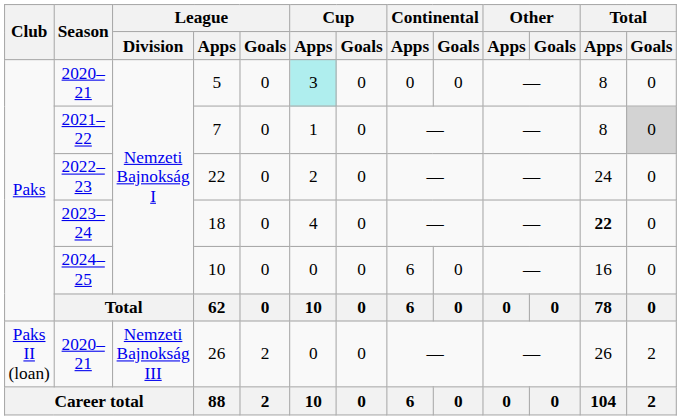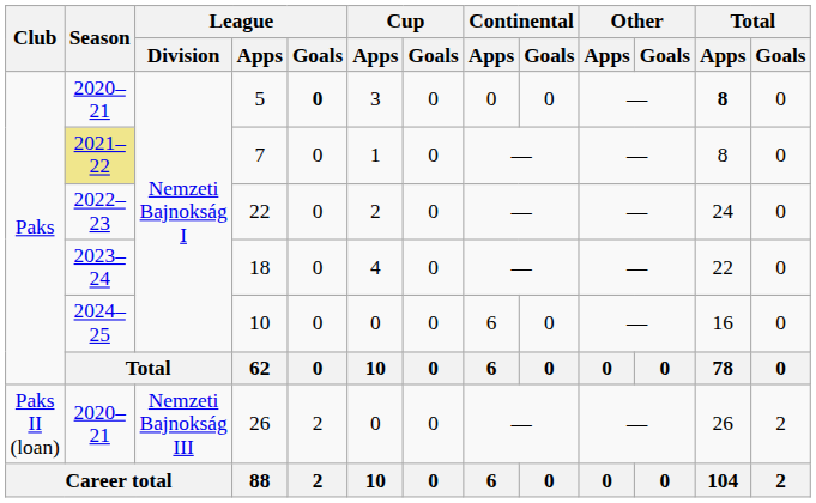 <table class="wikitable" style="text-align:center">
 <tr>
 <th rowspan="2">Club</th>
 <th rowspan="2">Season</th>
 <th colspan="3">League</th>
 <th colspan="2">Cup</th>
 <th colspan="2">Continental</th>
 <th colspan="2">Other</th>
 <th colspan="2">Total</th>
 </tr>
 <tr>
 <th>Division</th>
 <th>Apps</th>
 <th>Goals</th>
 <th>Apps</th>
 <th>Goals</th>
 <th>Apps</th>
 <th>Goals</th>
 <th>Apps</th>
 <th>Goals</th>
 <th>Apps</th>
 <th>Goals</th>
 </tr>
 <tr>
 <td rowspan="6"><a href='#'>Paks</a></td>
 <td><a href='#'>2020–21</a></td>
 <td rowspan="5"><a href='#'>Nemzeti Bajnokság I</a></td>
 <td>5</td>
-<td>0</td>
-<td style="background: paleturquoise;">3</td>
+<td><strong>0</strong></td>
+<td>3</td>
 <td>0</td>
 <td>0</td>
 <td>0</td>
 <td colspan="2">—</td>
-<td>8</td>
+<td><strong>8</strong></td>
 <td>0</td>
 </tr>
 <tr>
-<td><a href='#'>2021–22</a></td>
+<td style="background: khaki;"><a href='#'>2021–22</a></td>
 <td>7</td>
 <td>0</td>
 <td>1</td>
 <td>0</td>
 <td colspan="2">—</td>
 <td colspan="2">—</td>
 <td>8</td>
-<td style="background: lightgrey;">0</td>
+<td>0</td>
 </tr>
 <tr>
 <td><a href='#'>2022–23</a></td>
 <td>22</td>
 <td>0</td>
 <td>2</td>
 <td>0</td>
 <td colspan="2">—</td>
 <td colspan="2">—</td>
 <td>24</td>
 <td>0</td>
 </tr>
 <tr>
 <td><a href='#'>2023–24</a></td>
 <td>18</td>
 <td>0</td>
 <td>4</td>
 <td>0</td>
 <td colspan="2">—</td>
 <td colspan="2">—</td>
-<td><strong>22</strong></td>
+<td>22</td>
 <td>0</td>
 </tr>
 <tr>
 <td><a href='#'>2024–25</a></td>
 <td>10</td>
 <td>0</td>
 <td>0</td>
 <td>0</td>
 <td>6</td>
 <td>0</td>
 <td colspan="2">—</td>
 <td>16</td>
 <td>0</td>
 </tr>
 <tr>
 <th colspan="2">Total</th>
 <th>62</th>
 <th>0</th>
 <th>10</th>
 <th>0</th>
 <th>6</th>
 <th>0</th>
 <th>0</th>
 <th>0</th>
 <th>78</th>
 <th>0</th>
 </tr>
 <tr>
 <td><a href='#'>Paks II</a> (loan)</td>
 <td><a href='#'>2020–21</a></td>
 <td><a href='#'>Nemzeti Bajnokság III</a></td>
 <td>26</td>
 <td>2</td>
 <td>0</td>
 <td>0</td>
 <td colspan="2">—</td>
 <td colspan="2">—</td>
 <td>26</td>
 <td>2</td>
 </tr>
 <tr>
 <th colspan="3">Career total</th>
 <th>88</th>
 <th>2</th>
 <th>10</th>
 <th>0</th>
 <th>6</th>
 <th>0</th>
 <th>0</th>
 <th>0</th>
 <th>104</th>
 <th>2</th>
 </tr>
 </table>
